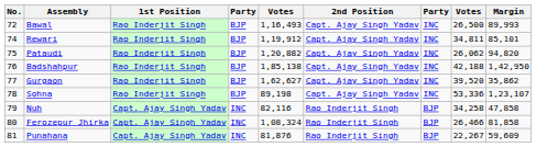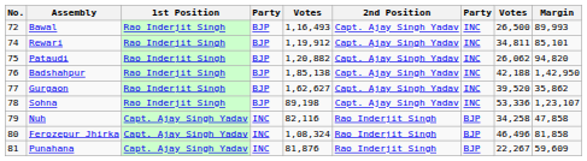 <table class="wikitable sortable imitable" style="font-size:95%;">
 <tr>
 <th>No.</th>
 <th>Assembly</th>
 <th>1st Position</th>
 <th>Party</th>
 <th>Votes</th>
 <th>2nd Position</th>
 <th>Party</th>
 <th>Votes</th>
 <th>Margin</th>
 </tr>
 <tr>
 <td>72</td>
 <td><a href='#'>Bawal</a></td>
 <td style="background: #CCFFCC;"><a href='#'>Rao Inderjit Singh</a></td>
 <td><a href='#'>BJP</a></td>
 <td style="background:">1,16,493</td>
 <td><a href='#'>Capt. Ajay Singh Yadav</a></td>
 <td><a href='#'>INC</a></td>
 <td style="background:">26,500</td>
 <td>89,993</td>
 </tr>
 <tr>
 <td>74</td>
 <td><a href='#'>Rewari</a></td>
 <td style="background: #CCFFCC;"><a href='#'>Rao Inderjit Singh</a></td>
 <td><a href='#'>BJP</a></td>
 <td style="background:">1,19,912</td>
 <td><a href='#'>Capt. Ajay Singh Yadav</a></td>
 <td><a href='#'>INC</a></td>
 <td style="background:">34,811</td>
 <td>85,101</td>
 </tr>
 <tr>
 <td>75</td>
 <td><a href='#'>Pataudi</a></td>
 <td style="background: #CCFFCC;"><a href='#'>Rao Inderjit Singh</a></td>
 <td><a href='#'>BJP</a></td>
 <td style="background:">1,20,882</td>
 <td><a href='#'>Capt. Ajay Singh Yadav</a></td>
 <td><a href='#'>INC</a></td>
 <td style="background:">26,062</td>
 <td>94,820</td>
 </tr>
 <tr>
 <td>76</td>
 <td><a href='#'>Badshahpur</a></td>
 <td style="background: #CCFFCC;"><a href='#'>Rao Inderjit Singh</a></td>
 <td><a href='#'>BJP</a></td>
 <td style="background:">1,85,138</td>
 <td><a href='#'>Capt. Ajay Singh Yadav</a></td>
 <td><a href='#'>INC</a></td>
 <td style="background:">42,188</td>
 <td>1,42,950</td>
 </tr>
 <tr>
 <td>77</td>
 <td><a href='#'>Gurgaon</a></td>
 <td style="background: #CCFFCC;"><a href='#'>Rao Inderjit Singh</a></td>
 <td><a href='#'>BJP</a></td>
 <td style="background:">1,62,627</td>
 <td><a href='#'>Capt. Ajay Singh Yadav</a></td>
 <td><a href='#'>INC</a></td>
 <td style="background:">39,520</td>
 <td>35,862</td>
 </tr>
 <tr>
 <td>78</td>
 <td><a href='#'>Sohna</a></td>
 <td style="background: #CCFFCC;"><a href='#'>Rao Inderjit Singh</a></td>
 <td><a href='#'>BJP</a></td>
 <td style="background:">89,198</td>
 <td><a href='#'>Capt. Ajay Singh Yadav</a></td>
 <td><a href='#'>INC</a></td>
 <td style="background:">53,336</td>
 <td>1,23,107</td>
 </tr>
 <tr>
 <td>79</td>
 <td><a href='#'>Nuh</a></td>
 <td style="background: #CCFFCC;"><a href='#'>Capt. Ajay Singh Yadav</a></td>
 <td><a href='#'>INC</a></td>
 <td style="background:">82,116</td>
 <td><a href='#'>Rao Inderjit Singh</a></td>
 <td><a href='#'>BJP</a></td>
 <td style="background:">34,258</td>
 <td>47,858</td>
 </tr>
 <tr>
 <td>80</td>
 <td><a href='#'>Ferozepur Jhirka</a></td>
 <td style="background: #CCFFCC;"><a href='#'>Capt. Ajay Singh Yadav</a></td>
 <td><a href='#'>INC</a></td>
 <td style="background:">1,08,324</td>
 <td><a href='#'>Rao Inderjit Singh</a></td>
 <td><a href='#'>BJP</a></td>
-<td style="background:">26,466</td>
+<td style="background:">46,496</td>
 <td>81,858</td>
 </tr>
 <tr>
 <td>81</td>
 <td><a href='#'>Punahana</a></td>
 <td style="background: #CCFFCC;"><a href='#'>Capt. Ajay Singh Yadav</a></td>
 <td><a href='#'>INC</a></td>
 <td style="background:">81,876</td>
 <td><a href='#'>Rao Inderjit Singh</a></td>
 <td><a href='#'>BJP</a></td>
 <td style="background:">22,267</td>
 <td>59,609</td>
 </tr>
 </table>
